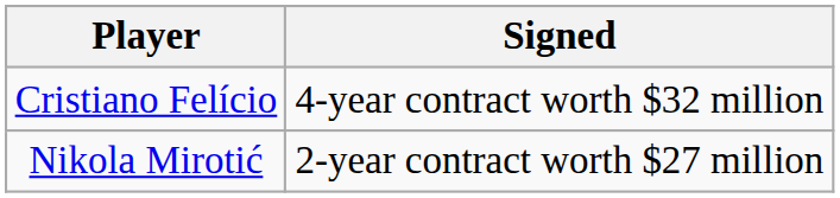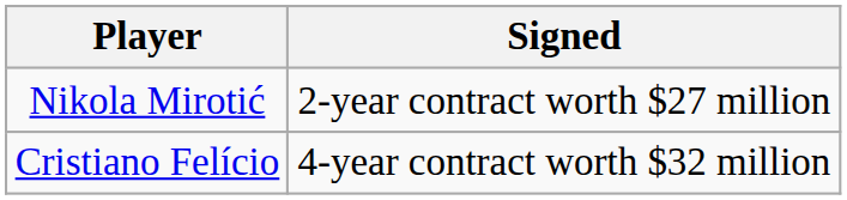 <table class="wikitable sortable sortable" style="text-align: center">
 <tr>
 <th>Player</th>
 <th>Signed</th>
 </tr>
 <tr style="text-align: center">
+<td><a href='#'>Nikola Mirotić</a></td>
+<td>2-year contract worth $27 million</td>
+</tr>
+<tr style="text-align: center">
 <td><a href='#'>Cristiano Felício</a></td>
 <td>4-year contract worth $32 million</td>
 </tr>
-<tr style="text-align: center">
-<td><a href='#'>Nikola Mirotić</a></td>
-<td>2-year contract worth $27 million</td>
-</tr>
 </table>
